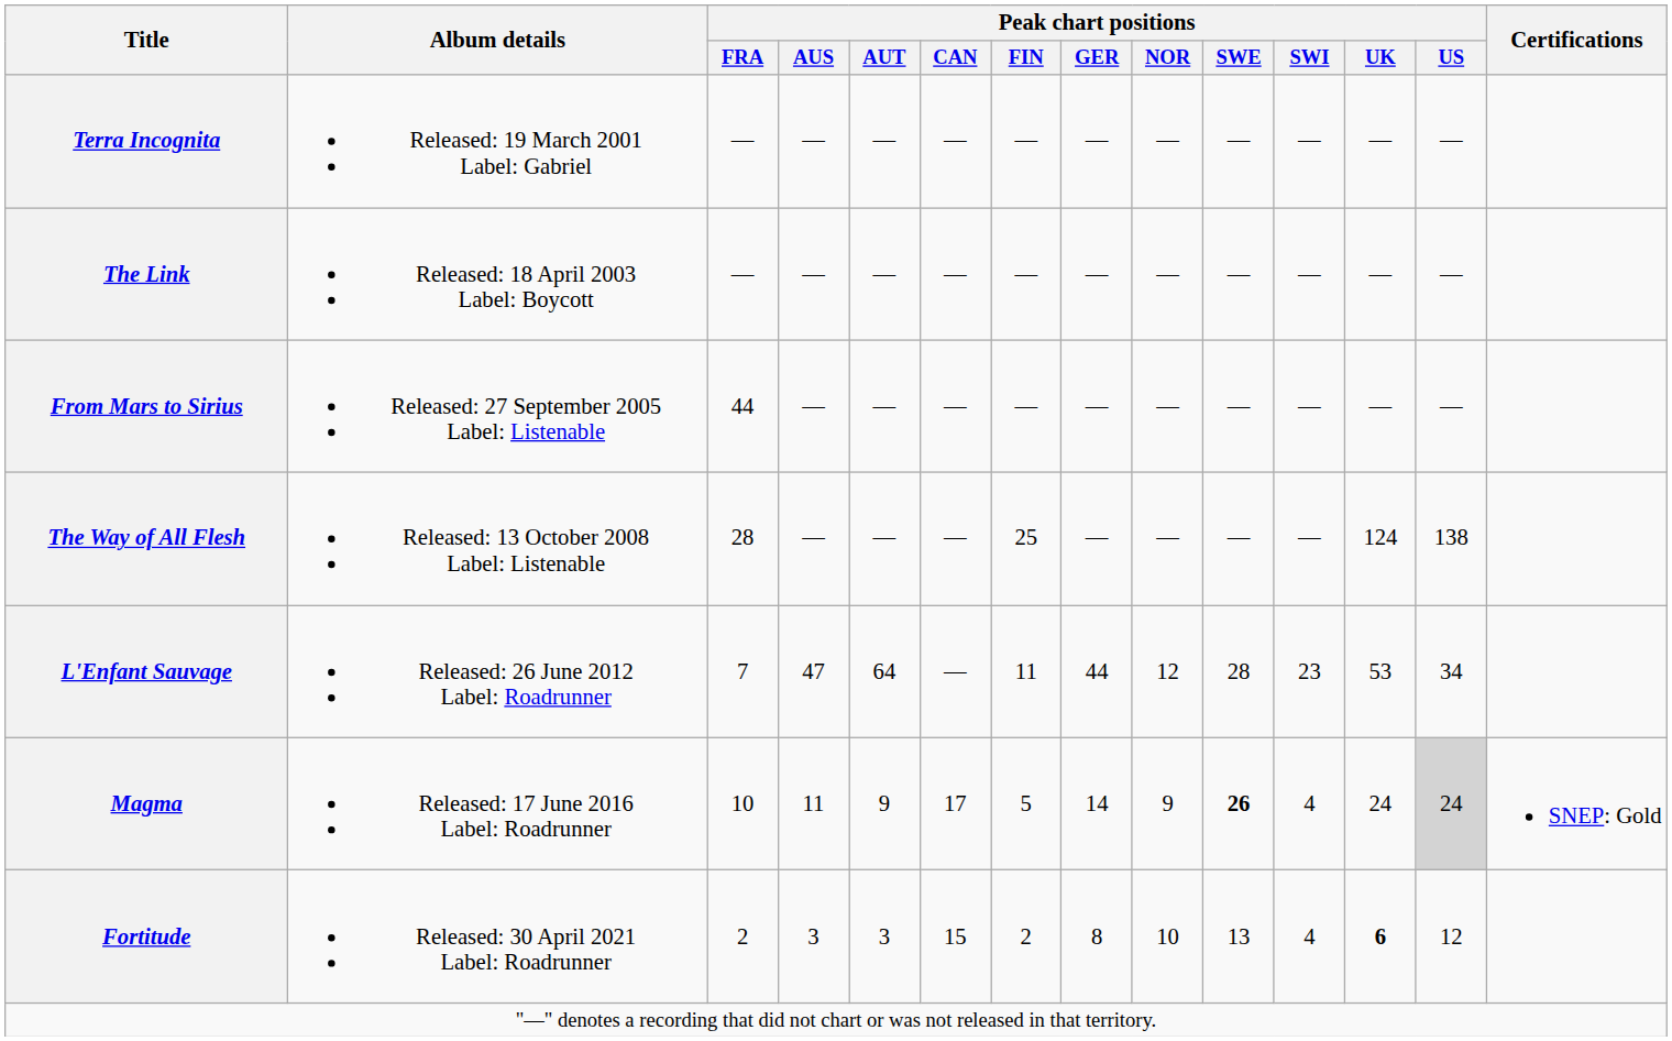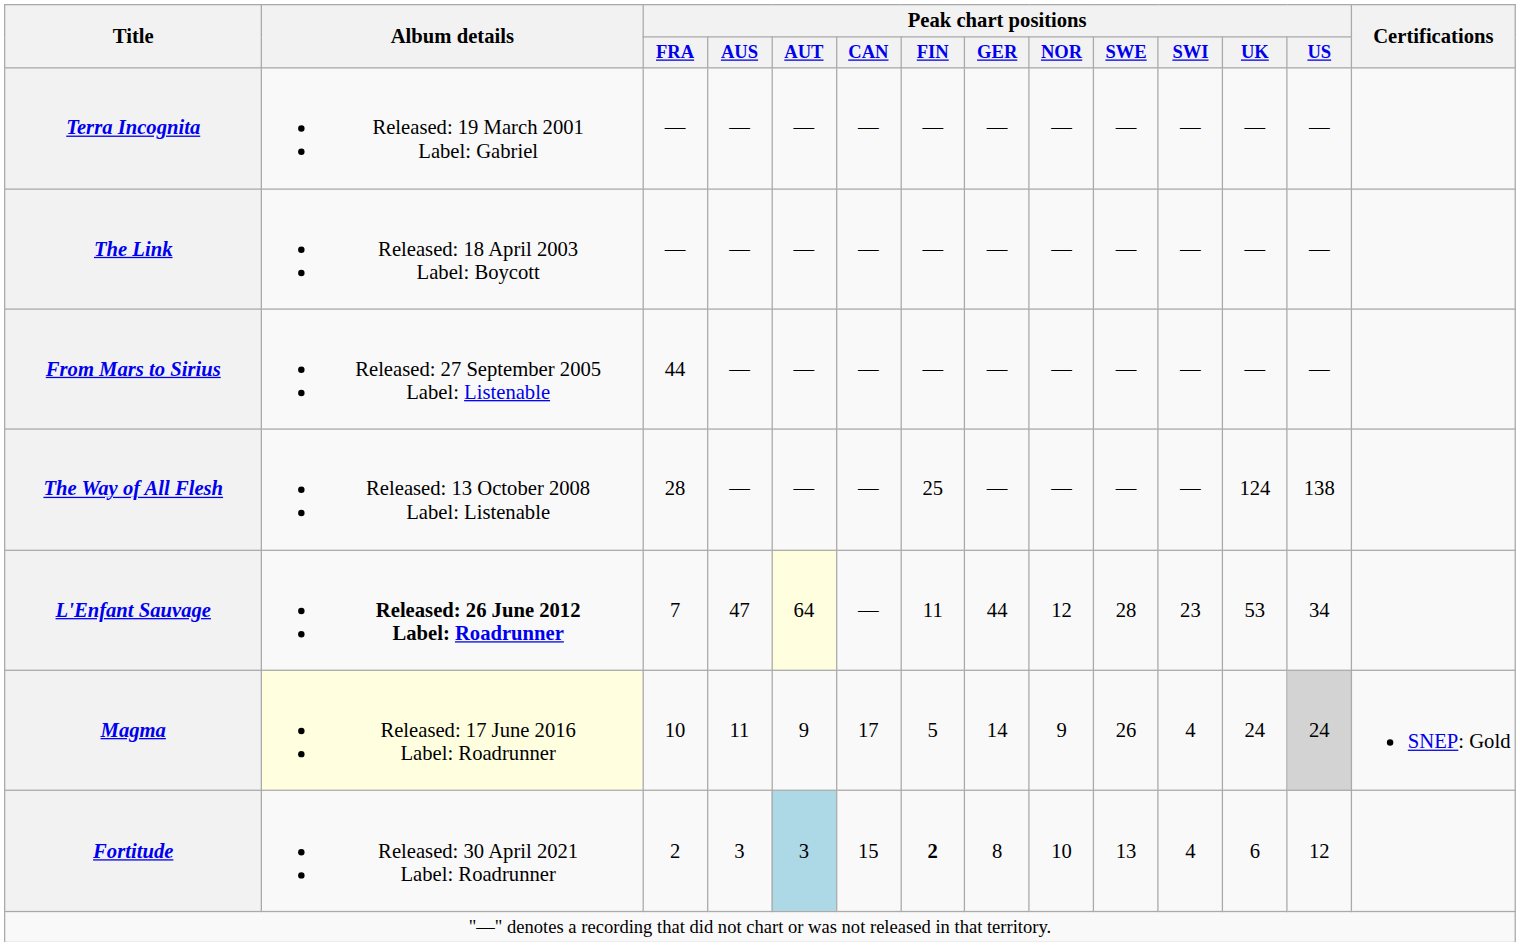 <table class="wikitable plainrowheaders" style="text-align:center;">
 <tr>
 <th scope="col" rowspan="2" style="width:12em;">Title</th>
 <th scope="col" rowspan="2" style="width:18em;">Album details</th>
 <th scope="col" colspan="11">Peak chart positions</th>
 <th rowspan="2">Certifications</th>
 </tr>
 <tr>
 <th scope="col" style="width:3em;font-size:90%;"><a href='#'>FRA</a><br></th>
 <th scope="col" style="width:3em;font-size:90%;"><a href='#'>AUS</a><br></th>
 <th scope="col" style="width:3em;font-size:90%;"><a href='#'>AUT</a><br></th>
 <th scope="col" style="width:3em;font-size:90%;"><a href='#'>CAN</a><br></th>
 <th scope="col" style="width:3em;font-size:90%;"><a href='#'>FIN</a><br></th>
 <th scope="col" style="width:3em;font-size:90%;"><a href='#'>GER</a><br></th>
 <th scope="col" style="width:3em;font-size:90%;"><a href='#'>NOR</a><br></th>
 <th scope="col" style="width:3em;font-size:90%;"><a href='#'>SWE</a><br></th>
 <th scope="col" style="width:3em;font-size:90%;"><a href='#'>SWI</a><br></th>
 <th scope="col" style="width:3em;font-size:90%;"><a href='#'>UK</a><br></th>
 <th scope="col" style="width:3em;font-size:90%;"><a href='#'>US</a><br></th>
 </tr>
 <tr>
 <th scope="row"><em><a href='#'>Terra Incognita</a></em></th>
 <td><br><ul><li>Released: 19 March 2001</li><li>Label: Gabriel</li></ul></td>
 <td>—</td>
 <td>—</td>
 <td>—</td>
 <td>—</td>
 <td>—</td>
 <td>—</td>
 <td>—</td>
 <td>—</td>
 <td>—</td>
 <td>—</td>
 <td>—</td>
 <td></td>
 </tr>
 <tr>
 <th scope="row"><em><a href='#'>The Link</a></em></th>
 <td><br><ul><li>Released: 18 April 2003</li><li>Label: Boycott</li></ul></td>
 <td>—</td>
 <td>—</td>
 <td>—</td>
 <td>—</td>
 <td>—</td>
 <td>—</td>
 <td>—</td>
 <td>—</td>
 <td>—</td>
 <td>—</td>
 <td>—</td>
 <td></td>
 </tr>
 <tr>
 <th scope="row"><em><a href='#'>From Mars to Sirius</a></em></th>
 <td><br><ul><li>Released: 27 September 2005</li><li>Label: <a href='#'>Listenable</a></li></ul></td>
 <td>44</td>
 <td>—</td>
 <td>—</td>
 <td>—</td>
 <td>—</td>
 <td>—</td>
 <td>—</td>
 <td>—</td>
 <td>—</td>
 <td>—</td>
 <td>—</td>
 <td></td>
 </tr>
 <tr>
 <th scope="row"><em><a href='#'>The Way of All Flesh</a></em></th>
 <td><br><ul><li>Released: 13 October 2008</li><li>Label: Listenable</li></ul></td>
 <td>28</td>
 <td>—</td>
 <td>—</td>
 <td>—</td>
 <td>25</td>
 <td>—</td>
 <td>—</td>
 <td>—</td>
 <td>—</td>
 <td>124</td>
 <td>138</td>
 <td></td>
 </tr>
 <tr>
 <th scope="row"><em><a href='#'>L'Enfant Sauvage</a></em></th>
-<td><br><ul><li>Released: 26 June 2012</li><li>Label: <a href='#'>Roadrunner</a></li></ul></td>
+<td><strong><br><ul><li>Released: 26 June 2012</li><li>Label: <a href='#'>Roadrunner</a></li></ul></strong></td>
 <td>7</td>
 <td>47</td>
-<td>64</td>
+<td style="background: lightyellow;">64</td>
 <td>—</td>
 <td>11</td>
 <td>44</td>
 <td>12</td>
 <td>28</td>
 <td>23</td>
 <td>53</td>
 <td>34</td>
 <td></td>
 </tr>
 <tr>
 <th scope="row"><em><a href='#'>Magma</a></em></th>
-<td><br><ul><li>Released: 17 June 2016</li><li>Label: Roadrunner</li></ul></td>
+<td style="background: lightyellow;"><br><ul><li>Released: 17 June 2016</li><li>Label: Roadrunner</li></ul></td>
 <td>10</td>
 <td>11</td>
 <td>9</td>
 <td>17</td>
 <td>5</td>
 <td>14</td>
 <td>9</td>
-<td><strong>26</strong></td>
+<td>26</td>
 <td>4</td>
 <td>24</td>
 <td style="background: lightgrey;">24</td>
 <td><br><ul><li><a href='#'>SNEP</a>: Gold</li></ul></td>
 </tr>
 <tr>
 <th scope="row"><em><a href='#'>Fortitude</a></em></th>
 <td><br><ul><li>Released: 30 April 2021</li><li>Label: Roadrunner</li></ul></td>
 <td>2</td>
 <td>3</td>
-<td>3</td>
+<td style="background: lightblue;">3</td>
 <td>15</td>
-<td>2</td>
+<td><strong>2</strong></td>
 <td>8</td>
 <td>10</td>
 <td>13</td>
 <td>4</td>
-<td><strong>6</strong></td>
+<td>6</td>
 <td>12</td>
 <td></td>
 </tr>
 <tr>
 <td colspan="16" style="font-size:90%">"—" denotes a recording that did not chart or was not released in that territory.</td>
 </tr>
 </table>
